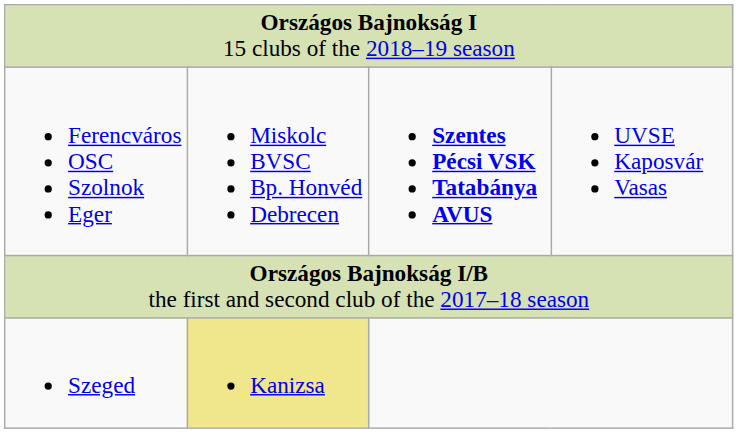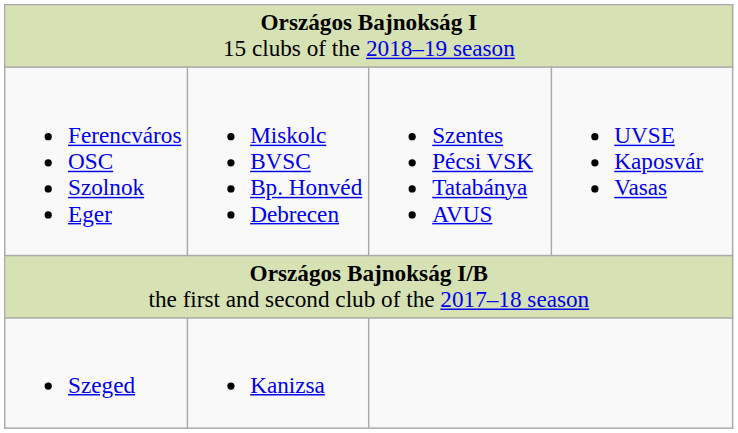 <table class="wikitable">
 <tr style="background:#D6E2B3; text-align:center; vertical-align:top;">
 <td colspan="4"><strong>Országos Bajnokság I</strong><br>15 clubs of the <a href='#'>2018–19 season</a></td>
 </tr>
 <tr style="vertical-align:top">
 <td style="width:25%"><br><ul><li> <a href='#'>Ferencváros</a></li><li> <a href='#'>OSC</a></li><li> <a href='#'>Szolnok</a></li><li> <a href='#'>Eger</a></li></ul></td>
 <td style="width:25%"><br><ul><li> <a href='#'>Miskolc</a></li><li> <a href='#'>BVSC</a></li><li> <a href='#'>Bp. Honvéd</a></li><li> <a href='#'>Debrecen</a></li></ul></td>
-<td style="width:25%"><strong><br><ul><li> <a href='#'>Szentes</a></li><li> <a href='#'>Pécsi VSK</a></li><li> <a href='#'>Tatabánya</a></li><li> <a href='#'>AVUS</a></li></ul></strong></td>
+<td style="width:25%"><br><ul><li> <a href='#'>Szentes</a></li><li> <a href='#'>Pécsi VSK</a></li><li> <a href='#'>Tatabánya</a></li><li> <a href='#'>AVUS</a></li></ul></td>
 <td style="width:25%"><br><ul><li> <a href='#'>UVSE</a></li><li> <a href='#'>Kaposvár</a></li><li> <a href='#'>Vasas</a></li></ul></td>
 </tr>
 <tr style="background:#D6E2B3; text-align:center;">
 <td colspan="4"><strong>Országos Bajnokság I/B</strong><br>the first and second club of the <a href='#'>2017–18 season</a></td>
 </tr>
 <tr style="vertical-align:top">
 <td><br><ul><li> <a href='#'>Szeged</a></li></ul></td>
-<td style="background: khaki;"><br><ul><li> <a href='#'>Kanizsa</a></li></ul></td>
+<td><br><ul><li> <a href='#'>Kanizsa</a></li></ul></td>
 <td colspan="2"></td>
 </tr>
 </table>
